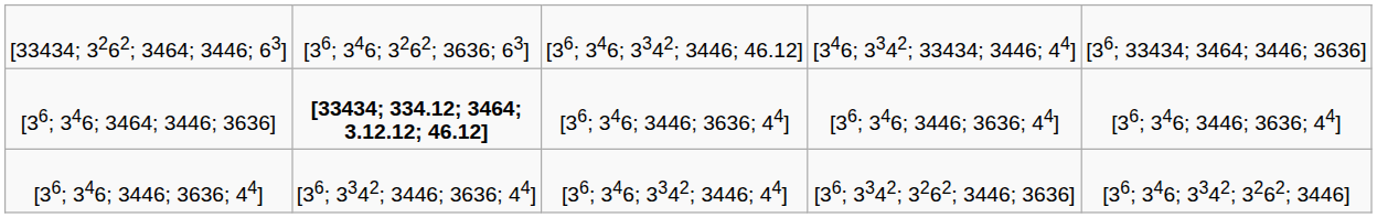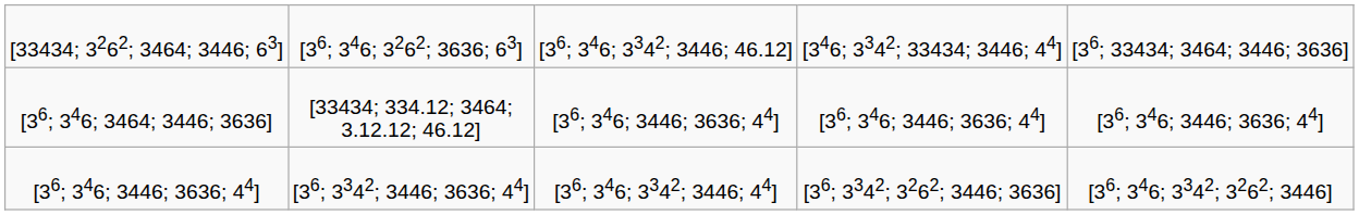 <table class=wikitable>
 <tr align=center>
 <td><br>[33434; 3<sup>2</sup>6<sup>2</sup>; 3464; 3446; 6<sup>3</sup>]</td>
 <td><br>[3<sup>6</sup>; 3<sup>4</sup>6; 3<sup>2</sup>6<sup>2</sup>; 3636; 6<sup>3</sup>]</td>
 <td><br>[3<sup>6</sup>; 3<sup>4</sup>6; 3<sup>3</sup>4<sup>2</sup>; 3446; 46.12]</td>
 <td><br>[3<sup>4</sup>6; 3<sup>3</sup>4<sup>2</sup>; 33434; 3446; 4<sup>4</sup>]</td>
 <td><br>[3<sup>6</sup>; 33434; 3464; 3446; 3636]</td>
 </tr>
 <tr align=center>
 <td><br>[3<sup>6</sup>; 3<sup>4</sup>6; 3464; 3446; 3636]</td>
-<td><strong><br>[33434; 334.12; 3464;<br>3.12.12; 46.12]</strong></td>
+<td><br>[33434; 334.12; 3464;<br>3.12.12; 46.12]</td>
 <td><br>[3<sup>6</sup>; 3<sup>4</sup>6; 3446; 3636; 4<sup>4</sup>]</td>
 <td><br>[3<sup>6</sup>; 3<sup>4</sup>6; 3446; 3636; 4<sup>4</sup>]</td>
 <td><br>[3<sup>6</sup>; 3<sup>4</sup>6; 3446; 3636; 4<sup>4</sup>]</td>
 </tr>
 <tr align=center>
 <td><br>[3<sup>6</sup>; 3<sup>4</sup>6; 3446; 3636; 4<sup>4</sup>]</td>
 <td><br>[3<sup>6</sup>; 3<sup>3</sup>4<sup>2</sup>; 3446; 3636; 4<sup>4</sup>]</td>
 <td><br>[3<sup>6</sup>; 3<sup>4</sup>6; 3<sup>3</sup>4<sup>2</sup>; 3446; 4<sup>4</sup>]</td>
 <td><br>[3<sup>6</sup>; 3<sup>3</sup>4<sup>2</sup>; 3<sup>2</sup>6<sup>2</sup>; 3446; 3636]</td>
 <td><br>[3<sup>6</sup>; 3<sup>4</sup>6; 3<sup>3</sup>4<sup>2</sup>; 3<sup>2</sup>6<sup>2</sup>; 3446]</td>
 </tr>
 </table>
